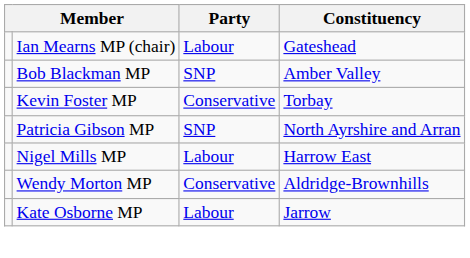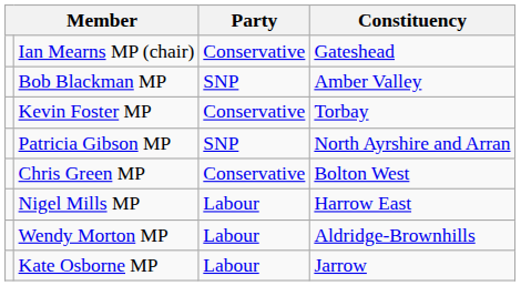 <table class="wikitable">
 <tr>
 <th colspan="2" valign="top">Member</th>
 <th valign="top">Party</th>
 <th valign="top">Constituency</th>
 </tr>
 <tr>
 <td style="color:inherit;background:"></td>
 <td><a href='#'>Ian Mearns</a> MP (chair)</td>
-<td><a href='#'>Labour</a></td>
+<td><a href='#'>Conservative</a></td>
 <td><a href='#'>Gateshead</a></td>
 </tr>
 <tr>
 <td style="color:inherit;background:"></td>
 <td><a href='#'>Bob Blackman</a> MP</td>
 <td><a href='#'>SNP</a></td>
 <td><a href='#'>Amber Valley</a></td>
 </tr>
 <tr>
 <td style="color:inherit;background:"></td>
 <td><a href='#'>Kevin Foster</a> MP</td>
 <td><a href='#'>Conservative</a></td>
 <td><a href='#'>Torbay</a></td>
 </tr>
 <tr>
 <td style="color:inherit;background:"></td>
 <td><a href='#'>Patricia Gibson</a> MP</td>
 <td><a href='#'>SNP</a></td>
 <td><a href='#'>North Ayrshire and Arran</a></td>
 </tr>
 <tr>
 <td style="color:inherit;background:"></td>
+<td><a href='#'>Chris Green</a> MP</td>
+<td><a href='#'>Conservative</a></td>
+<td><a href='#'>Bolton West</a></td>
+</tr>
+<tr>
+<td style="color:inherit;background:"></td>
 <td><a href='#'>Nigel Mills</a> MP</td>
 <td><a href='#'>Labour</a></td>
 <td><a href='#'>Harrow East</a></td>
 </tr>
 <tr>
 <td style="color:inherit;background:"></td>
 <td><a href='#'>Wendy Morton</a> MP</td>
-<td><a href='#'>Conservative</a></td>
+<td><a href='#'>Labour</a></td>
 <td><a href='#'>Aldridge-Brownhills</a></td>
 </tr>
 <tr>
 <td style="color:inherit;background:"></td>
 <td><a href='#'>Kate Osborne</a> MP</td>
 <td><a href='#'>Labour</a></td>
 <td><a href='#'>Jarrow</a></td>
 </tr>
 </table>
